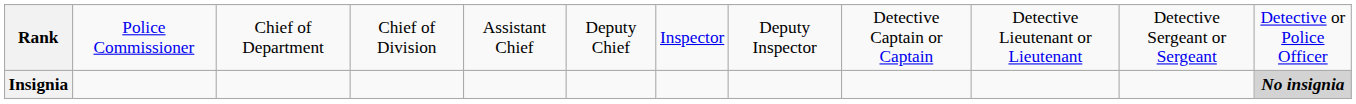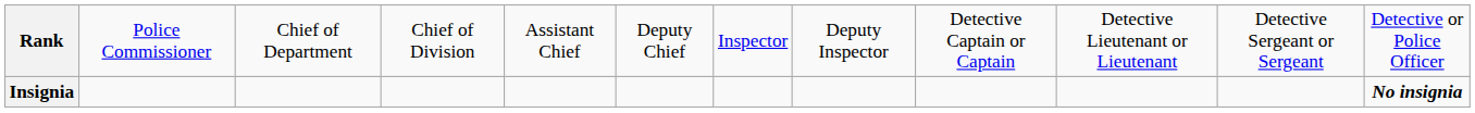 <table class="wikitable">
 <tr style="text-align:center;">
 <th>Rank</th>
 <td><a href='#'>Police Commissioner</a></td>
 <td>Chief of Department</td>
 <td>Chief of Division</td>
 <td>Assistant Chief</td>
 <td>Deputy Chief</td>
 <td><a href='#'>Inspector</a></td>
 <td>Deputy Inspector</td>
 <td>Detective Captain or<br><a href='#'>Captain</a></td>
 <td>Detective Lieutenant or<br><a href='#'>Lieutenant</a></td>
 <td>Detective Sergeant or<br><a href='#'>Sergeant</a></td>
 <td><a href='#'>Detective</a> or<br><a href='#'>Police Officer</a></td>
 </tr>
 <tr style="text-align:center;">
 <th>Insignia</th>
 <td></td>
 <td></td>
 <td></td>
 <td></td>
 <td></td>
 <td></td>
 <td></td>
 <td></td>
 <td></td>
 <td></td>
-<td style="background: lightgrey;"><strong><em>No insignia</em></strong></td>
+<td><strong><em>No insignia</em></strong></td>
 </tr>
 </table>
